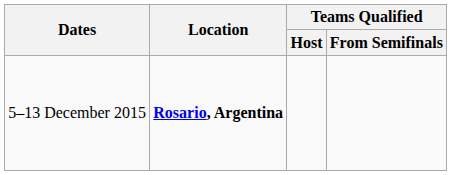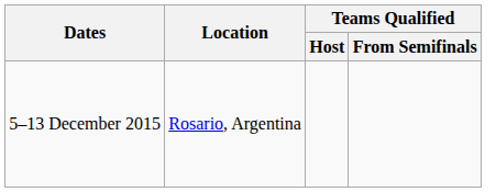 <table class=wikitable>
 <tr>
 <th rowspan=2>Dates</th>
 <th rowspan=2>Location</th>
 <th colspan=2>Teams Qualified</th>
 </tr>
 <tr>
 <th>Host</th>
 <th>From Semifinals</th>
 </tr>
 <tr>
 <td>5–13 December 2015</td>
-<td><strong><a href='#'>Rosario</a>, Argentina</strong></td>
+<td><a href='#'>Rosario</a>, Argentina</td>
 <td></td>
 <td><br><br><br><br><br><br></td>
 </tr>
 </table>
